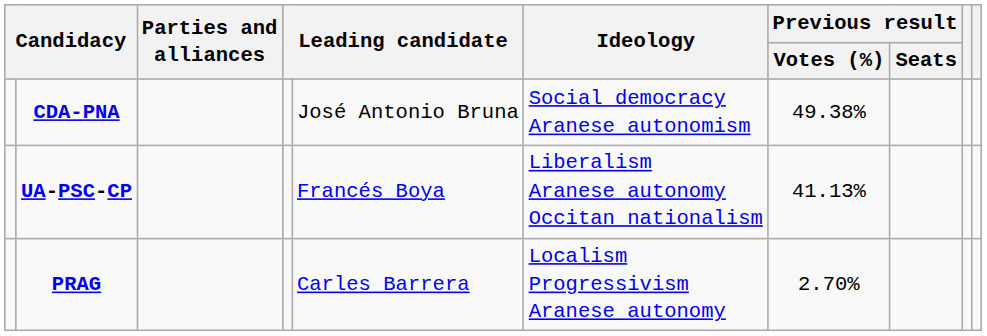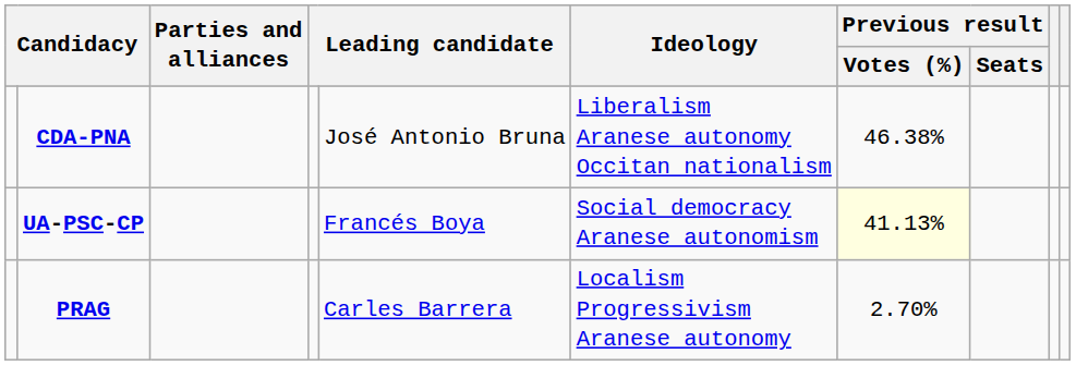 <table class="wikitable" style="line-height:1.35em; text-align:left;">
 <tr>
 <th colspan="2" rowspan="2">Candidacy</th>
 <th rowspan="2">Parties and<br>alliances</th>
 <th colspan="2" rowspan="2">Leading candidate</th>
 <th rowspan="2">Ideology</th>
 <th colspan="2">Previous result</th>
 <th rowspan="2"></th>
 <th rowspan="2"></th>
 </tr>
 <tr>
 <th>Votes (%)</th>
 <th>Seats</th>
 </tr>
 <tr>
 <td width="1" style="color:inherit;background:"></td>
 <td align="center"><strong><a href='#'>CDA-PNA</a></strong></td>
 <td></td>
 <td></td>
 <td>José Antonio Bruna</td>
-<td><a href='#'>Social democracy</a><br><a href='#'>Aranese autonomism</a></td>
-<td align="center">49.38%</td>
+<td><a href='#'>Liberalism</a><br><a href='#'>Aranese autonomy</a><br><a href='#'>Occitan nationalism</a></td>
+<td align="center">46.38%</td>
 <td></td>
 <td></td>
 <td></td>
 </tr>
 <tr>
 <td style="color:inherit;background:"></td>
 <td align="center"><strong><a href='#'>UA</a>-<a href='#'>PSC</a>-<a href='#'>CP</a></strong></td>
 <td></td>
 <td></td>
 <td><a href='#'>Francés Boya</a></td>
-<td><a href='#'>Liberalism</a><br><a href='#'>Aranese autonomy</a><br><a href='#'>Occitan nationalism</a></td>
-<td align="center">41.13%</td>
+<td><a href='#'>Social democracy</a><br><a href='#'>Aranese autonomism</a></td>
+<td align="center" style="background: lightyellow;">41.13%</td>
 <td></td>
 <td></td>
 <td></td>
 </tr>
 <tr>
 <td style="color:inherit;background:"></td>
 <td align="center"><strong><a href='#'>PRAG</a></strong></td>
 <td></td>
 <td></td>
 <td><a href='#'>Carles Barrera</a></td>
 <td><a href='#'>Localism</a><br><a href='#'>Progressivism</a><br><a href='#'>Aranese autonomy</a></td>
 <td align="center">2.70%</td>
 <td></td>
 <td></td>
 <td></td>
 </tr>
 </table>
